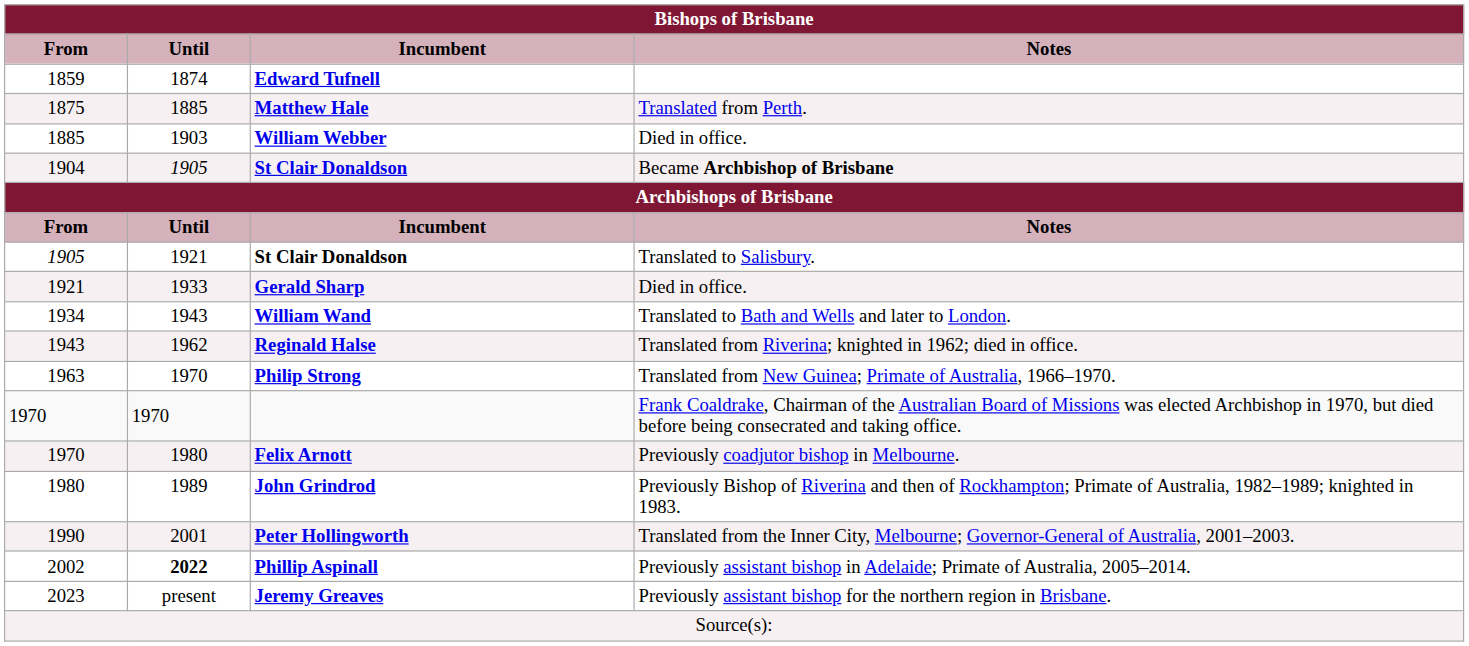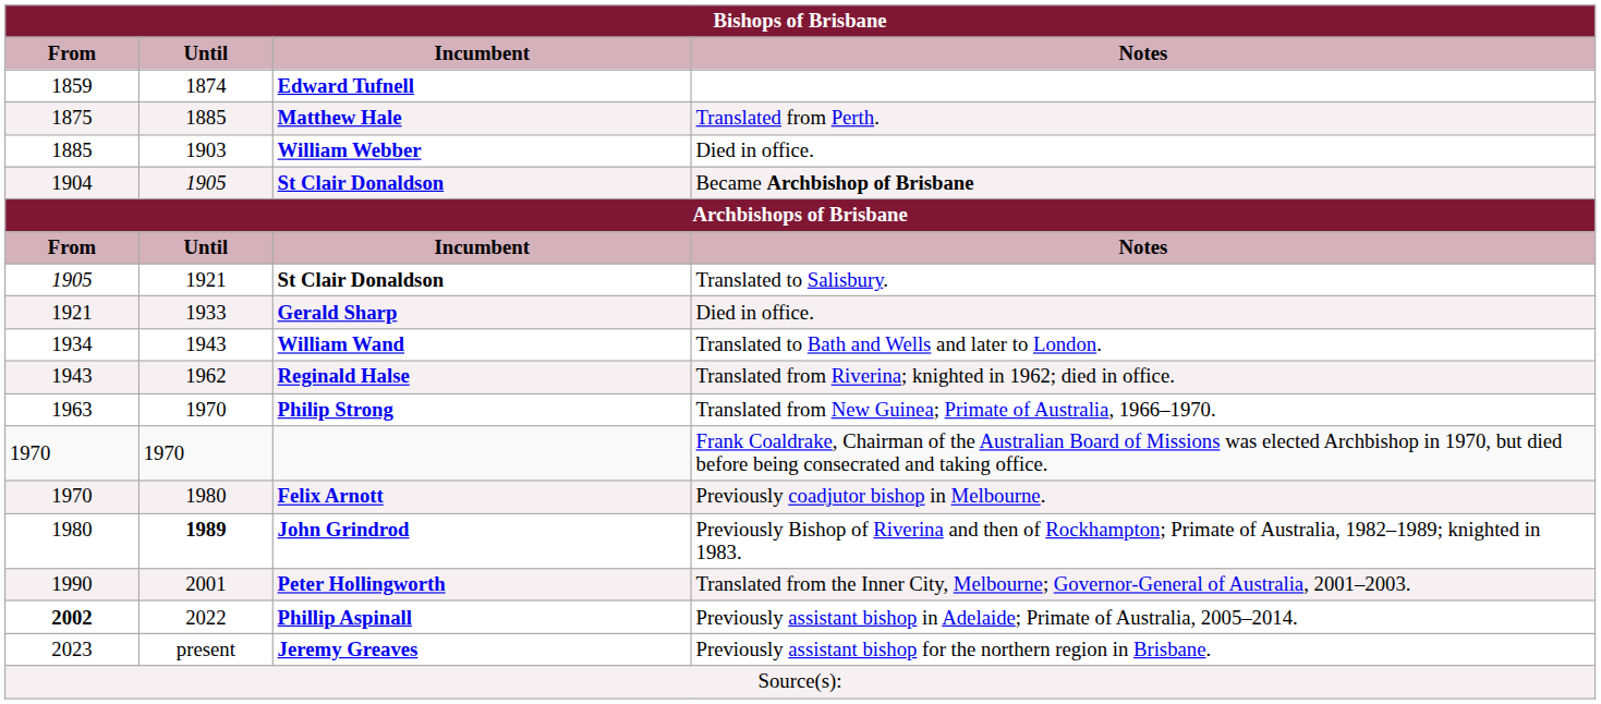 <table class="wikitable">
 <tr>
 <th colspan="4" style="background:#7f1734; color:white;">Bishops of Brisbane</th>
 </tr>
 <tr>
 <th style="background:#d4b1bb; width:8%;">From</th>
 <th style="background:#d4b1bb; width:8%;">Until</th>
 <th style="background:#d4b1bb; width:25%;">Incumbent</th>
 <th style="background:#d4b1bb; width:54%;">Notes</th>
 </tr>
 <tr style="vertical-align:top; background:white;">
 <td style="text-align: center;">1859</td>
 <td style="text-align: center;">1874</td>
 <td><strong><a href='#'>Edward Tufnell</a></strong></td>
 <td></td>
 </tr>
 <tr style="vertical-align:top; background:#f7f0f2;">
 <td style="text-align: center;">1875</td>
 <td style="text-align: center;">1885</td>
 <td><strong><a href='#'>Matthew Hale</a></strong></td>
 <td><a href='#'>Translated</a> from <a href='#'>Perth</a>.</td>
 </tr>
 <tr style="vertical-align:top; background:white;">
 <td style="text-align: center;">1885</td>
 <td style="text-align: center;">1903</td>
 <td><strong><a href='#'>William Webber</a></strong></td>
 <td>Died in office.</td>
 </tr>
 <tr style="vertical-align:top; background:#f7f0f2;">
 <td style="text-align: center;">1904</td>
 <td style="text-align: center;"><em>1905</em></td>
 <td><strong><a href='#'>St Clair Donaldson</a></strong></td>
 <td>Became <strong>Archbishop of Brisbane</strong></td>
 </tr>
 <tr>
 <th colspan="4" style="background:#7f1734; color:white;">Archbishops of Brisbane</th>
 </tr>
 <tr>
 <th style="background:#d4b1bb; width:8%;">From</th>
 <th style="background:#d4b1bb; width:8%;">Until</th>
 <th style="background:#d4b1bb; width:25%;">Incumbent</th>
 <th style="background:#d4b1bb; width:54%;">Notes</th>
 </tr>
 <tr style="vertical-align:top; background:white;">
 <td style="text-align: center;"><em>1905</em></td>
 <td style="text-align: center;">1921</td>
 <td><strong>St Clair Donaldson</strong></td>
 <td>Translated to <a href='#'>Salisbury</a>.</td>
 </tr>
 <tr style="vertical-align:top; background:#f7f0f2;">
 <td style="text-align: center;">1921</td>
 <td style="text-align: center;">1933</td>
 <td><strong><a href='#'>Gerald Sharp</a></strong></td>
 <td>Died in office.</td>
 </tr>
 <tr style="vertical-align:top; background:white;">
 <td style="text-align: center;">1934</td>
 <td style="text-align: center;">1943</td>
 <td><strong><a href='#'>William Wand</a></strong></td>
 <td>Translated to <a href='#'>Bath and Wells</a> and later to <a href='#'>London</a>.</td>
 </tr>
 <tr style="vertical-align:top; background:#f7f0f2;">
 <td style="text-align: center;">1943</td>
 <td style="text-align: center;">1962</td>
 <td><strong><a href='#'>Reginald Halse</a></strong></td>
 <td>Translated from <a href='#'>Riverina</a>; knighted in 1962; died in office.</td>
 </tr>
 <tr style="vertical-align:top; background:white;">
 <td style="text-align: center;">1963</td>
 <td style="text-align: center;">1970</td>
 <td><strong><a href='#'>Philip Strong</a></strong></td>
 <td>Translated from <a href='#'>New Guinea</a>; <a href='#'>Primate of Australia</a>, 1966–1970.</td>
 </tr>
 <tr>
 <td>1970</td>
 <td>1970</td>
 <td></td>
 <td><a href='#'>Frank Coaldrake</a>, Chairman of the <a href='#'>Australian Board of Missions</a> was elected Archbishop in 1970, but died before being consecrated and taking office.</td>
 </tr>
 <tr style="vertical-align:top; background:#f7f0f2;">
 <td style="text-align: center;">1970</td>
 <td style="text-align: center;">1980</td>
 <td><strong><a href='#'>Felix Arnott</a></strong></td>
 <td>Previously <a href='#'>coadjutor bishop</a> in <a href='#'>Melbourne</a>.</td>
 </tr>
 <tr style="vertical-align:top; background:white;">
 <td style="text-align: center;">1980</td>
-<td style="text-align: center;">1989</td>
+<td style="text-align: center;"><strong>1989</strong></td>
 <td><strong><a href='#'>John Grindrod</a></strong></td>
 <td>Previously Bishop of <a href='#'>Riverina</a> and then of <a href='#'>Rockhampton</a>; Primate of Australia, 1982–1989; knighted in 1983.</td>
 </tr>
 <tr style="vertical-align:top; background:#f7f0f2;">
 <td style="text-align: center;">1990</td>
 <td style="text-align: center;">2001</td>
 <td><strong><a href='#'>Peter Hollingworth</a></strong></td>
 <td>Translated from the Inner City, <a href='#'>Melbourne</a>; <a href='#'>Governor-General of Australia</a>, 2001–2003.</td>
 </tr>
 <tr style="vertical-align:top; background:white;">
-<td style="text-align: center;">2002</td>
-<td style="text-align: center;"><strong>2022</strong></td>
+<td style="text-align: center;"><strong>2002</strong></td>
+<td style="text-align: center;">2022</td>
 <td><strong><a href='#'>Phillip Aspinall</a></strong></td>
 <td>Previously <a href='#'>assistant bishop</a> in <a href='#'>Adelaide</a>; Primate of Australia, 2005–2014.</td>
 </tr>
 <tr style="vertical-align:top; background:white;">
 <td style="text-align: center;">2023</td>
 <td style="text-align: center;">present</td>
 <td><strong><a href='#'>Jeremy Greaves</a></strong></td>
 <td>Previously <a href='#'>assistant bishop</a> for the northern region in <a href='#'>Brisbane</a>.</td>
 </tr>
 <tr valign="top" style="background-color: #f7f0f2;">
 <td colspan="5" style="text-align: center;">Source(s):</td>
 </tr>
 </table>
